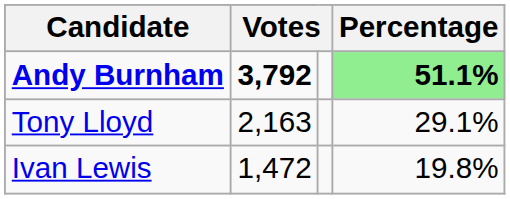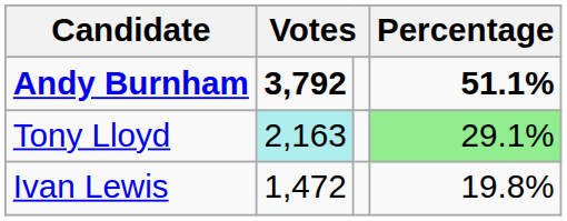 <table class="wikitable" style="text-align:right;">
 <tr>
 <th>Candidate</th>
 <th colspan="2">Votes</th>
 <th>Percentage </th>
 </tr>
 <tr>
 <td style="text-align:left;"><strong><a href='#'>Andy Burnham</a></strong></td>
 <td><strong>3,792</strong></td>
 <td align=center></td>
-<td style="background: lightgreen;"><strong>51.1%</strong></td>
+<td><strong>51.1%</strong></td>
 </tr>
 <tr>
 <td style="text-align:left;"><a href='#'>Tony Lloyd</a></td>
-<td>2,163</td>
+<td style="background: paleturquoise;">2,163</td>
 <td align=center></td>
-<td>29.1%</td>
+<td style="background: lightgreen;">29.1%</td>
 </tr>
 <tr>
 <td style="text-align:left;"><a href='#'>Ivan Lewis</a></td>
 <td>1,472</td>
 <td align=center></td>
 <td>19.8%</td>
 </tr>
 </table>
